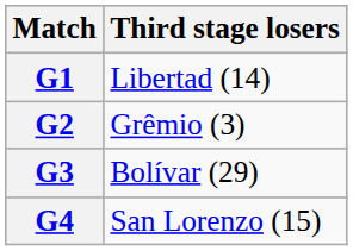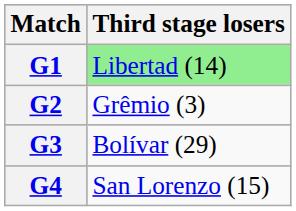 <table class="wikitable">
 <tr>
 <th>Match</th>
 <th>Third stage losers</th>
 </tr>
 <tr>
 <th><a href='#'>G1</a></th>
-<td> <a href='#'>Libertad</a> (14)</td>
+<td style="background: lightgreen;"> <a href='#'>Libertad</a> (14)</td>
 </tr>
 <tr>
 <th><a href='#'>G2</a></th>
 <td> <a href='#'>Grêmio</a> (3)</td>
 </tr>
 <tr>
 <th><a href='#'>G3</a></th>
 <td> <a href='#'>Bolívar</a> (29)</td>
 </tr>
 <tr>
 <th><a href='#'>G4</a></th>
 <td> <a href='#'>San Lorenzo</a> (15)</td>
 </tr>
 </table>
